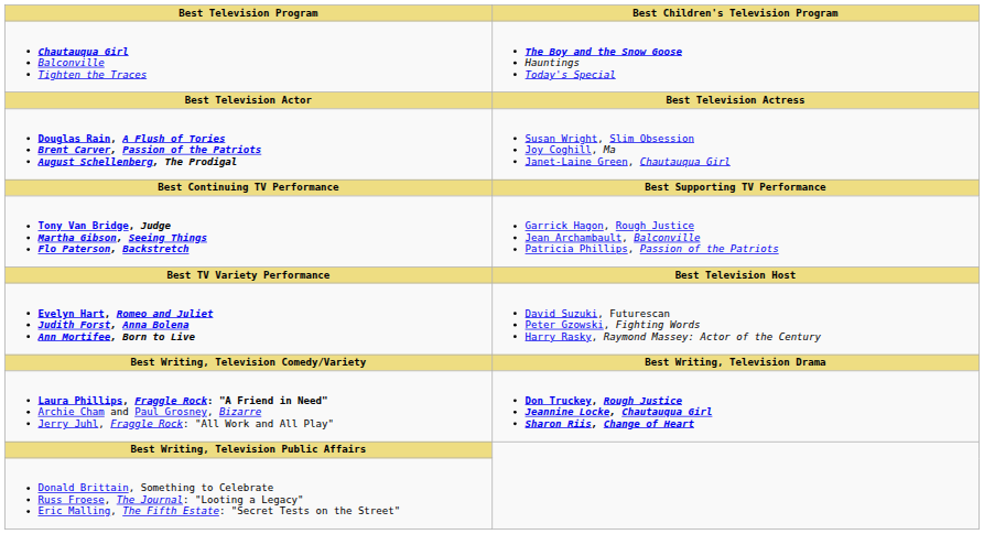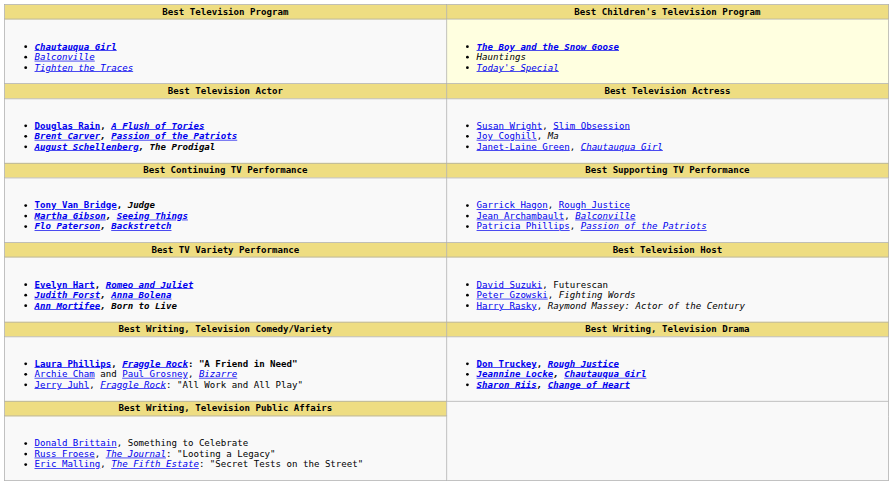 <table class=wikitable width="100%">
 <tr>
 <th style="background:#EEDD82; width:50%">Best Television Program</th>
 <th style="background:#EEDD82; width:50%">Best Children's Television Program</th>
 </tr>
 <tr>
 <td valign="top"><br><ul><li> <strong><em><a href='#'>Chautauqua Girl</a></em></strong></li><li><em><a href='#'>Balconville</a></em></li><li><em><a href='#'>Tighten the Traces</a></em></li></ul></td>
-<td valign="top"><br><ul><li> <strong><em><a href='#'>The Boy and the Snow Goose</a></em></strong></li><li><em>Hauntings</em></li><li><em><a href='#'>Today's Special</a></em></li></ul></td>
+<td valign="top" style="background: lightyellow;"><br><ul><li> <strong><em><a href='#'>The Boy and the Snow Goose</a></em></strong></li><li><em>Hauntings</em></li><li><em><a href='#'>Today's Special</a></em></li></ul></td>
 </tr>
 <tr>
 <th style="background:#EEDD82; width:50%">Best Television Actor</th>
 <th style="background:#EEDD82; width:50%">Best Television Actress</th>
 </tr>
 <tr>
 <td valign="top"><br><ul><li> <strong><a href='#'>Douglas Rain</a>, <em><a href='#'>A Flush of Tories</a><strong><em></li><li><a href='#'>Brent Carver</a>, </em><a href='#'>Passion of the Patriots</a><em></li><li><a href='#'>August Schellenberg</a>, </em>The Prodigal<em></li></ul></td>
 <td valign="top"><br><ul><li> </strong><a href='#'>Susan Wright</a>, </em><a href='#'>Slim Obsession</a></em></strong></li><li><a href='#'>Joy Coghill</a>, <em>Ma</em></li><li><a href='#'>Janet-Laine Green</a>, <em><a href='#'>Chautauqua Girl</a></em></li></ul></td>
 </tr>
 <tr>
 <th style="background:#EEDD82; width:50%">Best Continuing TV Performance</th>
 <th style="background:#EEDD82; width:50%">Best Supporting TV Performance</th>
 </tr>
 <tr>
 <td valign="top"><br><ul><li> <strong><a href='#'>Tony Van Bridge</a>, <em>Judge<strong><em></li><li><a href='#'>Martha Gibson</a>, </em><a href='#'>Seeing Things</a><em></li><li><a href='#'>Flo Paterson</a>, </em><a href='#'>Backstretch</a><em></li></ul></td>
 <td valign="top"><br><ul><li> </strong><a href='#'>Garrick Hagon</a>, </em><a href='#'>Rough Justice</a></em></strong></li><li><a href='#'>Jean Archambault</a>, <em><a href='#'>Balconville</a></em></li><li><a href='#'>Patricia Phillips</a>, <em><a href='#'>Passion of the Patriots</a></em></li></ul></td>
 </tr>
 <tr>
 <th style="background:#EEDD82; width:50%">Best TV Variety Performance</th>
 <th style="background:#EEDD82; width:50%">Best Television Host</th>
 </tr>
 <tr>
 <td valign="top"><br><ul><li> <strong><a href='#'>Evelyn Hart</a>, <em><a href='#'>Romeo and Juliet</a><strong><em></li><li><a href='#'>Judith Forst</a>, </em><a href='#'>Anna Bolena</a><em></li><li><a href='#'>Ann Mortifee</a>, </em>Born to Live<em></li></ul></td>
 <td valign="top"><br><ul><li> </strong><a href='#'>David Suzuki</a>, </em>Futurescan</em></strong></li><li><a href='#'>Peter Gzowski</a>, <em>Fighting Words</em></li><li><a href='#'>Harry Rasky</a>, <em>Raymond Massey: Actor of the Century</em></li></ul></td>
 </tr>
 <tr>
 <th style="background:#EEDD82; width:50%">Best Writing, Television Comedy/Variety</th>
 <th style="background:#EEDD82; width:50%">Best Writing, Television Drama</th>
 </tr>
 <tr>
 <td valign="top"><br><ul><li> <strong><a href='#'>Laura Phillips</a>, <em><a href='#'>Fraggle Rock</a></em>: "A Friend in Need"</strong></li><li><a href='#'>Archie Cham</a> and <a href='#'>Paul Grosney</a>, <em><a href='#'>Bizarre</a></em></li><li><a href='#'>Jerry Juhl</a>, <em><a href='#'>Fraggle Rock</a></em>: "All Work and All Play"</li></ul></td>
 <td valign="top"><br><ul><li> <strong><a href='#'>Don Truckey</a>, <em><a href='#'>Rough Justice</a><strong><em></li><li><a href='#'>Jeannine Locke</a>, </em><a href='#'>Chautauqua Girl</a><em></li><li><a href='#'>Sharon Riis</a>, </em><a href='#'>Change of Heart</a><em></li></ul></td>
 </tr>
 <tr>
 <th style="background:#EEDD82; width:50%">Best Writing, Television Public Affairs</th>
 </tr>
 <tr>
 <td valign="top"><br><ul><li> </strong><a href='#'>Donald Brittain</a>, </em>Something to Celebrate</em></strong></li><li><a href='#'>Russ Froese</a>, <em><a href='#'>The Journal</a></em>: "Looting a Legacy"</li><li><a href='#'>Eric Malling</a>, <em><a href='#'>The Fifth Estate</a></em>: "Secret Tests on the Street"</li></ul></td>
 </tr>
 </table>
